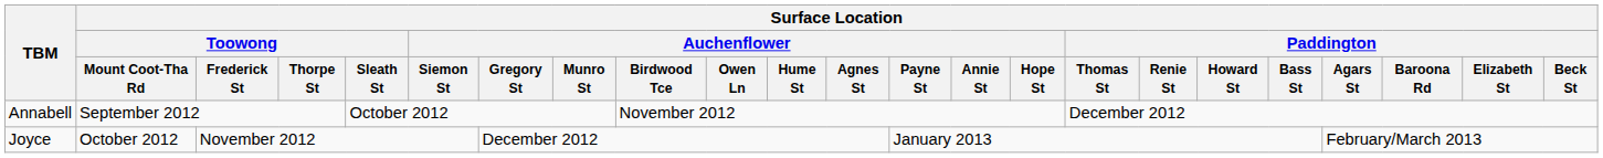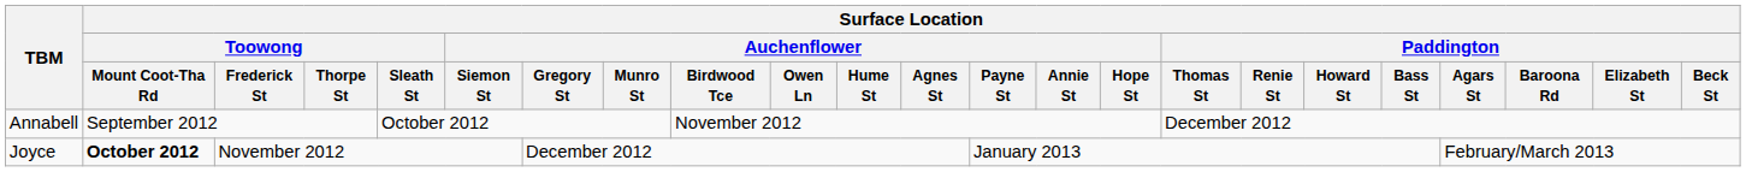 <table class="wikitable">
 <tr>
 <th rowspan="3">TBM</th>
 <th colspan=22>Surface Location</th>
 </tr>
 <tr>
 <th colspan=4><a href='#'>Toowong</a></th>
 <th colspan=10><a href='#'>Auchenflower</a></th>
 <th colspan=8><a href='#'>Paddington</a></th>
 </tr>
 <tr>
 <th><small>Mount Coot-Tha Rd</small></th>
 <th><small>Frederick St</small></th>
 <th><small>Thorpe St</small></th>
 <th><small>Sleath St</small></th>
 <th><small>Siemon St</small></th>
 <th><small>Gregory St</small></th>
 <th><small>Munro St</small></th>
 <th><small>Birdwood Tce</small></th>
 <th><small>Owen Ln</small></th>
 <th><small>Hume St</small></th>
 <th><small>Agnes St</small></th>
 <th><small>Payne St</small></th>
 <th><small>Annie St</small></th>
 <th><small>Hope St</small></th>
 <th><small>Thomas St</small></th>
 <th><small>Renie St</small></th>
 <th><small>Howard St</small></th>
 <th><small>Bass St</small></th>
 <th><small>Agars St</small></th>
 <th><small>Baroona Rd</small></th>
 <th><small>Elizabeth St</small></th>
 <th><small>Beck St</small></th>
 </tr>
 <tr>
 <td>Annabell</td>
 <td colspan=3>September 2012</td>
 <td colspan=4>October 2012</td>
 <td colspan=7>November 2012</td>
 <td colspan=8>December 2012</td>
 </tr>
 <tr>
 <td>Joyce</td>
-<td colspan=1>October 2012</td>
+<td colspan=1><strong>October 2012</strong></td>
 <td colspan=4>November 2012</td>
 <td colspan=6>December 2012</td>
 <td colspan=7>January 2013</td>
 <td colspan=4>February/March 2013</td>
 </tr>
 </table>
